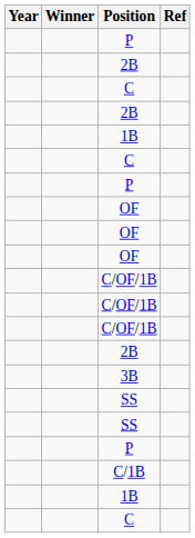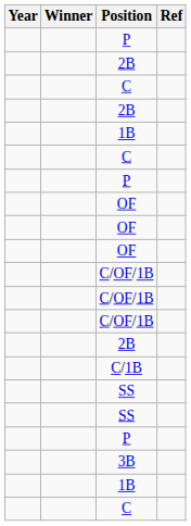 <table class="wikitable" style="text-align:center">
 <tr>
 <th>Year</th>
 <th>Winner</th>
 <th>Position</th>
 <th class=unsortable>Ref</th>
 </tr>
 <tr>
 <td></td>
 <td></td>
 <td><a href='#'>P</a></td>
 <td></td>
 </tr>
 <tr>
 <td></td>
 <td> </td>
 <td><a href='#'>2B</a></td>
 <td></td>
 </tr>
 <tr>
 <td></td>
 <td></td>
 <td><a href='#'>C</a></td>
 <td></td>
 </tr>
 <tr>
 <td></td>
 <td> </td>
 <td><a href='#'>2B</a></td>
 <td></td>
 </tr>
 <tr>
 <td></td>
 <td></td>
 <td><a href='#'>1B</a></td>
 <td></td>
 </tr>
 <tr>
 <td></td>
 <td></td>
 <td><a href='#'>C</a></td>
 <td></td>
 </tr>
 <tr>
 <td></td>
 <td></td>
 <td><a href='#'>P</a></td>
 <td></td>
 </tr>
 <tr>
 <td></td>
 <td></td>
 <td><a href='#'>OF</a></td>
 <td></td>
 </tr>
 <tr>
 <td></td>
 <td></td>
 <td><a href='#'>OF</a></td>
 <td></td>
 </tr>
 <tr>
 <td></td>
 <td></td>
 <td><a href='#'>OF</a></td>
 <td></td>
 </tr>
 <tr>
 <td></td>
 <td> </td>
 <td><a href='#'>C</a>/<a href='#'>OF</a>/<a href='#'>1B</a></td>
 <td></td>
 </tr>
 <tr>
 <td></td>
 <td> </td>
 <td><a href='#'>C</a>/<a href='#'>OF</a>/<a href='#'>1B</a></td>
 <td></td>
 </tr>
 <tr>
 <td></td>
 <td> </td>
 <td><a href='#'>C</a>/<a href='#'>OF</a>/<a href='#'>1B</a></td>
 <td></td>
 </tr>
 <tr>
 <td></td>
 <td></td>
 <td><a href='#'>2B</a></td>
 <td></td>
 </tr>
 <tr>
 <td></td>
-<td></td>
-<td><a href='#'>3B</a></td>
+<td> </td>
+<td><a href='#'>C</a>/<a href='#'>1B</a></td>
 <td></td>
 </tr>
 <tr>
 <td></td>
 <td> </td>
 <td><a href='#'>SS</a></td>
 <td></td>
 </tr>
 <tr>
 <td></td>
 <td> </td>
 <td><a href='#'>SS</a></td>
 <td></td>
 </tr>
 <tr>
 <td></td>
 <td></td>
 <td><a href='#'>P</a></td>
 <td></td>
 </tr>
 <tr>
 <td></td>
-<td> </td>
-<td><a href='#'>C</a>/<a href='#'>1B</a></td>
+<td></td>
+<td><a href='#'>3B</a></td>
 <td></td>
 </tr>
 <tr>
 <td></td>
 <td></td>
 <td><a href='#'>1B</a></td>
 <td></td>
 </tr>
 <tr>
 <td></td>
 <td></td>
 <td><a href='#'>C</a></td>
 <td></td>
 </tr>
 </table>
